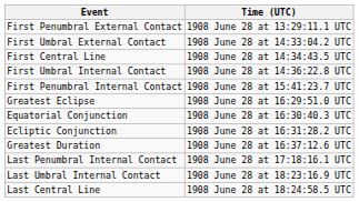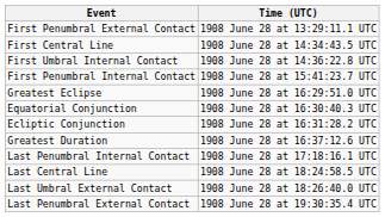 <table class="wikitable">
 <tr>
 <th>Event</th>
 <th>Time (UTC)</th>
 </tr>
 <tr>
 <td>First Penumbral External Contact</td>
 <td>1908 June 28 at 13:29:11.1 UTC</td>
-</tr>
-<tr>
-<td>First Umbral External Contact</td>
-<td>1908 June 28 at 14:33:04.2 UTC</td>
 </tr>
 <tr>
 <td>First Central Line</td>
 <td>1908 June 28 at 14:34:43.5 UTC</td>
 </tr>
 <tr>
 <td>First Umbral Internal Contact</td>
 <td>1908 June 28 at 14:36:22.8 UTC</td>
 </tr>
 <tr>
 <td>First Penumbral Internal Contact</td>
 <td>1908 June 28 at 15:41:23.7 UTC</td>
 </tr>
 <tr>
 <td>Greatest Eclipse</td>
 <td>1908 June 28 at 16:29:51.0 UTC</td>
 </tr>
 <tr>
 <td>Equatorial Conjunction</td>
 <td>1908 June 28 at 16:30:40.3 UTC</td>
 </tr>
 <tr>
 <td>Ecliptic Conjunction</td>
 <td>1908 June 28 at 16:31:28.2 UTC</td>
 </tr>
 <tr>
 <td>Greatest Duration</td>
 <td>1908 June 28 at 16:37:12.6 UTC</td>
 </tr>
 <tr>
 <td>Last Penumbral Internal Contact</td>
 <td>1908 June 28 at 17:18:16.1 UTC</td>
 </tr>
 <tr>
-<td>Last Umbral Internal Contact</td>
-<td>1908 June 28 at 18:23:16.9 UTC</td>
-</tr>
-<tr>
 <td>Last Central Line</td>
 <td>1908 June 28 at 18:24:58.5 UTC</td>
 </tr>
+<tr>
+<td>Last Umbral External Contact</td>
+<td>1908 June 28 at 18:26:40.0 UTC</td>
+</tr>
+<tr>
+<td>Last Penumbral External Contact</td>
+<td>1908 June 28 at 19:30:35.4 UTC</td>
+</tr>
 </table>
